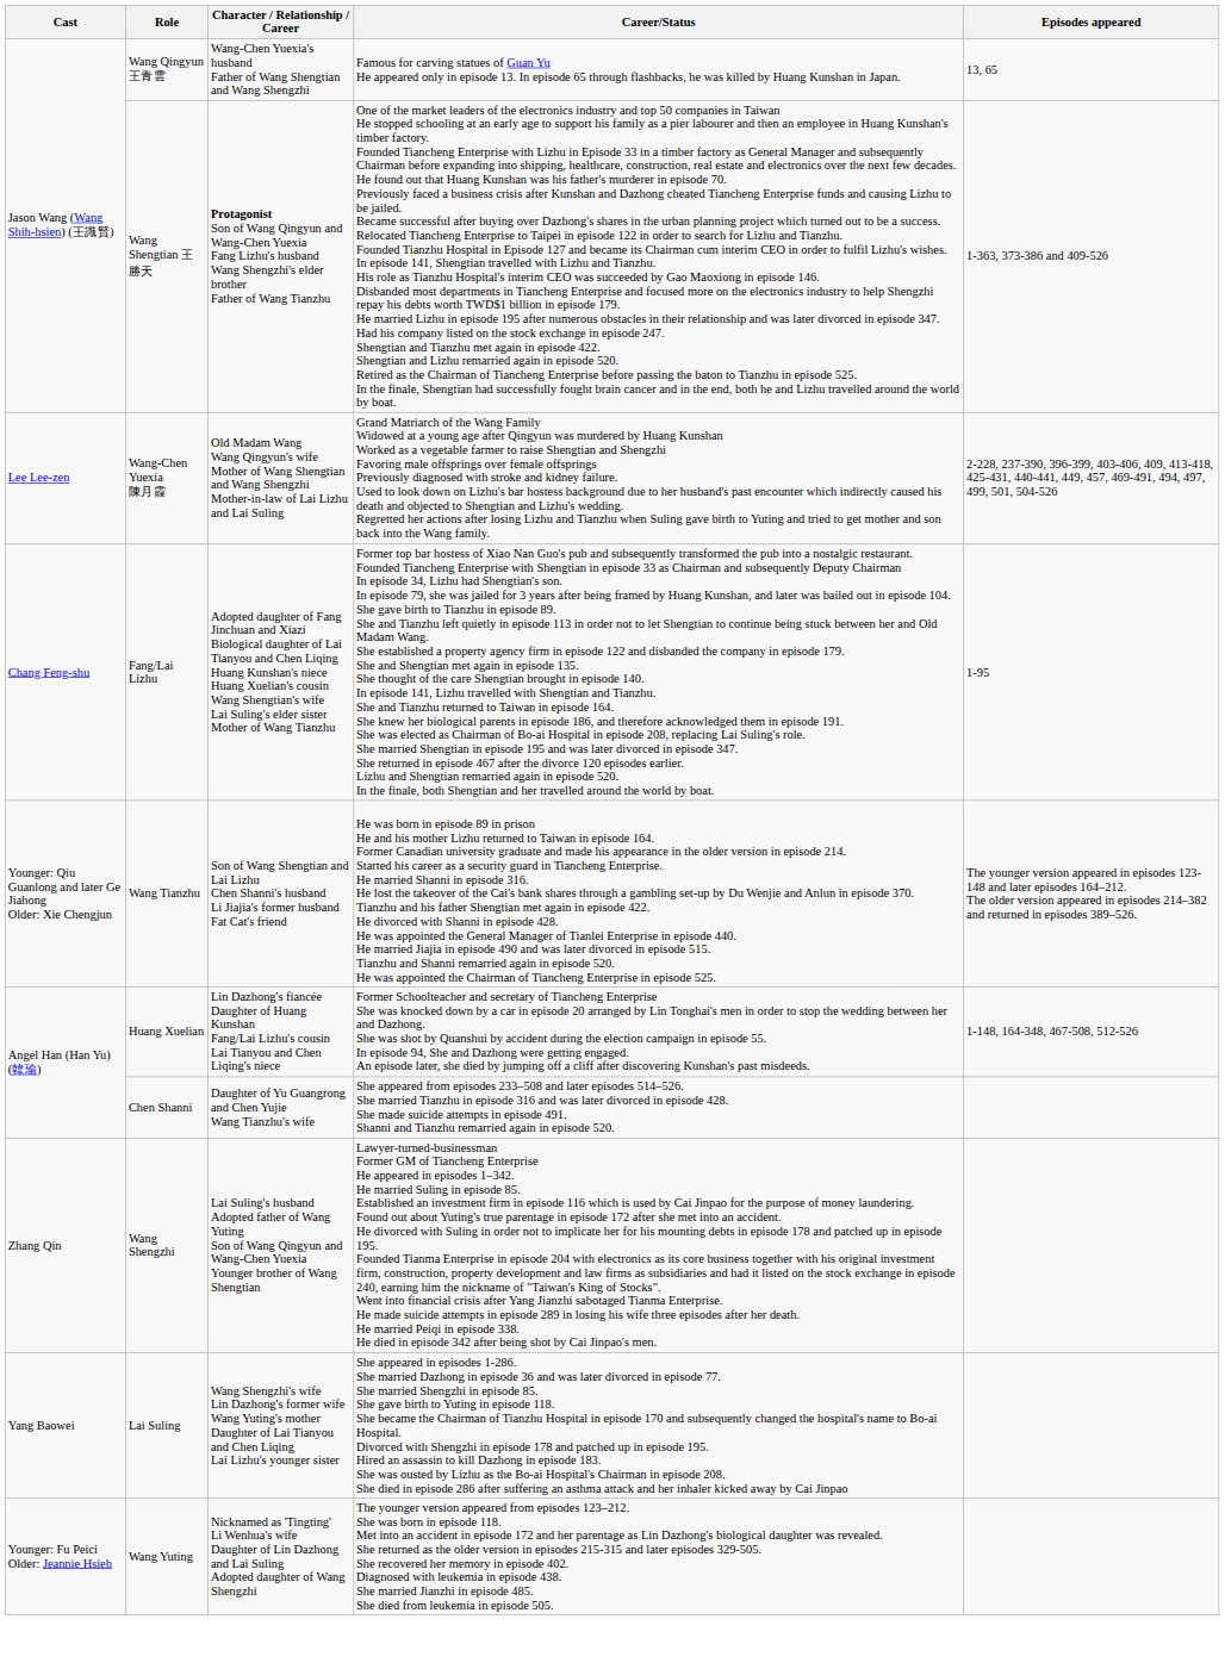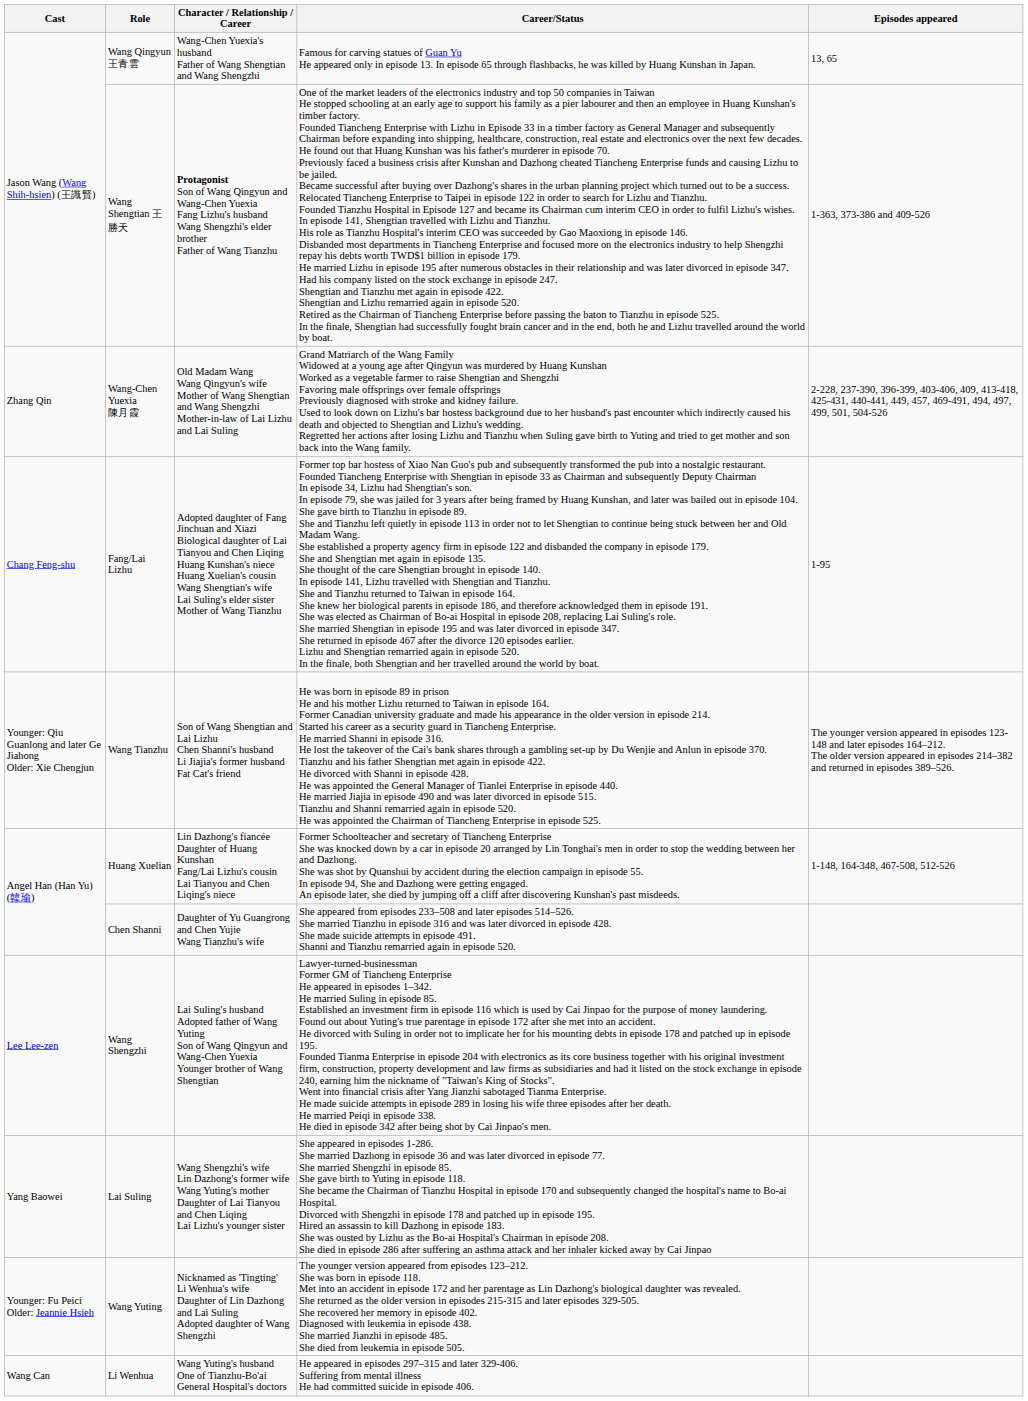 <table class="wikitable">
 <tr>
 <th>Cast</th>
 <th>Role</th>
 <th>Character / Relationship / Career</th>
 <th>Career/Status</th>
 <th>Episodes appeared</th>
 </tr>
 <tr>
 <td rowspan=2>Jason Wang (<a href='#'>Wang Shih-hsien</a>) (王識賢)</td>
 <td>Wang Qingyun 王青雲</td>
 <td>Wang-Chen Yuexia's husband <br>Father of Wang Shengtian and Wang Shengzhi</td>
 <td>Famous for carving statues of <a href='#'>Guan Yu</a><br>He appeared only in episode 13. In episode 65 through flashbacks, he was killed by Huang Kunshan in Japan.</td>
 <td>13, 65</td>
 </tr>
 <tr>
 <td>Wang Shengtian 王勝天</td>
 <td><strong>Protagonist</strong> <br> Son of Wang Qingyun and Wang-Chen Yuexia <br> Fang Lizhu's husband <br> Wang Shengzhi's elder brother <br> Father of Wang Tianzhu</td>
 <td>One of the market leaders of the electronics industry and top 50 companies in Taiwan<br>He stopped schooling at an early age to support his family as a pier labourer and then an employee in Huang Kunshan's timber factory.<br>Founded Tiancheng Enterprise with Lizhu in Episode 33 in a timber factory as General Manager and subsequently Chairman before expanding into shipping, healthcare, construction, real estate and electronics over the next few decades.<br>He found out that Huang Kunshan was his father's murderer in episode 70.<br>Previously faced a business crisis after Kunshan and Dazhong cheated Tiancheng Enterprise funds and causing Lizhu to be jailed.<br>Became successful after buying over Dazhong's shares in the urban planning project which turned out to be a success.<br>Relocated Tiancheng Enterprise to Taipei in episode 122 in order to search for Lizhu and Tianzhu.<br>Founded Tianzhu Hospital in Episode 127 and became its Chairman cum interim CEO in order to fulfil Lizhu's wishes.<br> In episode 141, Shengtian travelled with Lizhu and Tianzhu.<br>His role as Tianzhu Hospital's interim CEO was succeeded by Gao Maoxiong in episode 146.<br>Disbanded most departments in Tiancheng Enterprise and focused more on the electronics industry to help Shengzhi repay his debts worth TWD$1 billion in episode 179.<br>He married Lizhu in episode 195 after numerous obstacles in their relationship and was later divorced in episode 347.<br>Had his company listed on the stock exchange in episode 247.<br> Shengtian and Tianzhu met again in episode 422. <br> Shengtian and Lizhu remarried again in episode 520.<br>Retired as the Chairman of Tiancheng Enterprise before passing the baton to Tianzhu in episode 525.  <br> In the finale, Shengtian had successfully fought brain cancer and in the end, both he and Lizhu travelled around the world by boat.</td>
 <td>1-363, 373-386 and 409-526</td>
 </tr>
 <tr>
-<td><a href='#'>Lee Lee-zen</a></td>
+<td>Zhang Qin</td>
 <td>Wang-Chen Yuexia<br>陳月霞</td>
 <td>Old Madam Wang <br> Wang Qingyun's wife <br> Mother of Wang Shengtian and Wang Shengzhi <br> Mother-in-law of Lai Lizhu and Lai Suling</td>
 <td>Grand Matriarch of the Wang Family<br>Widowed at a young age after Qingyun was murdered by Huang Kunshan<br>Worked as a vegetable farmer to raise Shengtian and Shengzhi<br>Favoring male offsprings over female offsprings<br>Previously diagnosed with stroke and kidney failure.<br>Used to look down on Lizhu's bar hostess background due to her husband's past encounter which indirectly caused his death and objected to Shengtian and Lizhu's wedding.<br>Regretted her actions after losing Lizhu and Tianzhu when Suling gave birth to Yuting and tried to get mother and son back into the Wang family.</td>
 <td>2-228, 237-390, 396-399, 403-406, 409, 413-418, 425-431, 440-441, 449, 457, 469-491, 494, 497, 499, 501, 504-526<br></td>
 </tr>
 <tr>
 <td><a href='#'>Chang Feng-shu</a></td>
 <td>Fang/Lai Lizhu</td>
 <td>Adopted daughter of Fang Jinchuan and Xiazi <br> Biological daughter of Lai Tianyou and Chen Liqing<br>Huang Kunshan's niece<br>Huang Xuelian's cousin<br> Wang Shengtian's wife <br> Lai Suling's elder sister <br> Mother of Wang Tianzhu</td>
 <td>Former top bar hostess of Xiao Nan Guo's pub and subsequently transformed the pub into a nostalgic restaurant.<br>Founded Tiancheng Enterprise with Shengtian in episode 33 as Chairman and subsequently Deputy Chairman<br>In episode 34, Lizhu had Shengtian's son. <br>In episode 79, she was jailed for 3 years after being framed by Huang Kunshan, and later was bailed out in episode 104. <br>She gave birth to Tianzhu in episode 89.<br>She and Tianzhu left quietly in episode 113 in order not to let Shengtian to continue being stuck between her and Old Madam Wang.<br>She established a property agency firm in episode 122 and disbanded the company in episode 179.<br>She and Shengtian met again in episode 135.<br> She thought of the care Shengtian brought in episode 140. <br> In episode 141, Lizhu travelled with Shengtian and Tianzhu. <br> She and Tianzhu returned to Taiwan in episode 164. <br> She knew her biological parents in episode 186, and therefore acknowledged them in episode 191.<br>She was elected as Chairman of Bo-ai Hospital in episode 208, replacing Lai Suling's role.<br> She married Shengtian in episode 195 and was later divorced in episode 347. <br>She returned in episode 467 after the divorce 120 episodes earlier. <br> Lizhu and Shengtian remarried again in episode 520. <br> In the finale, both Shengtian and her travelled around the world by boat.</td>
 <td>1-95</td>
 </tr>
 <tr>
 <td>Younger: Qiu Guanlong and later Ge Jiahong <br> Older: Xie Chengjun</td>
 <td>Wang Tianzhu</td>
 <td>Son of Wang Shengtian and Lai Lizhu <br> Chen Shanni's husband <br> Li Jiajia's former husband <br> Fat Cat's friend</td>
 <td><br> He was born in episode 89 in prison<br> He and his mother Lizhu returned to Taiwan in episode 164.<br>Former Canadian university graduate and made his appearance in the older version in episode 214.<br>Started his career as a security guard in Tiancheng Enterprise.<br> He married Shanni in episode 316.<br>He lost the takeover of the Cai's bank shares through a gambling set-up by Du Wenjie and Anlun in episode 370.<br> Tianzhu and his father Shengtian met again in episode 422. <br> He divorced with Shanni in episode 428. <br> He was appointed the General Manager of Tianlei Enterprise in episode 440. <br> He married Jiajia in episode 490 and was later divorced in episode 515. <br> Tianzhu and Shanni remarried again in episode 520. <br> He was appointed the Chairman of Tiancheng Enterprise in episode 525.</td>
 <td>The younger version appeared in episodes 123-148 and later episodes 164–212. <br> The older version appeared in episodes 214–382 and returned in episodes 389–526.</td>
 </tr>
 <tr>
 <td rowspan=2>Angel Han (Han Yu) (<a href='#'>韓瑜</a>)</td>
 <td>Huang Xuelian</td>
 <td>Lin Dazhong's fiancée <br>Daughter of Huang Kunshan<br>Fang/Lai Lizhu's cousin<br>Lai Tianyou and Chen Liqing's niece <br></td>
 <td>Former Schoolteacher and secretary of Tiancheng Enterprise<br>She was knocked down by a car in episode 20 arranged by Lin Tonghai's men in order to stop the wedding between her and Dazhong.<br>She was shot by Quanshui by accident during the election campaign in episode 55.<br>In episode 94, She and Dazhong were getting engaged. <br>An episode later, she died by jumping off a cliff after discovering Kunshan's past misdeeds.</td>
 <td>1-148, 164-348, 467-508, 512-526</td>
 </tr>
 <tr>
 <td>Chen Shanni</td>
 <td>Daughter of Yu Guangrong and Chen Yujie <br> Wang Tianzhu's wife</td>
 <td>She appeared from episodes 233–508 and later episodes 514–526. <br> She married Tianzhu in episode 316 and was later divorced in episode 428. <br> She made suicide attempts in episode 491. <br> Shanni and Tianzhu remarried again in episode 520.</td>
 <td></td>
 </tr>
 <tr>
-<td>Zhang Qin</td>
+<td><a href='#'>Lee Lee-zen</a></td>
 <td>Wang Shengzhi</td>
 <td>Lai Suling's husband <br> Adopted father of Wang Yuting <br> Son of Wang Qingyun and Wang-Chen Yuexia <br> Younger brother of Wang Shengtian</td>
 <td>Lawyer-turned-businessman<br>Former GM of Tiancheng Enterprise<br>He appeared in episodes 1–342. <br>He married Suling in episode 85.<br>Established an investment firm in episode 116 which is used by Cai Jinpao for the purpose of money laundering.<br>Found out about Yuting's true parentage in episode 172 after she met into an accident.<br>He divorced with Suling in order not to implicate her for his mounting debts in episode 178 and patched up in episode 195.<br>Founded Tianma Enterprise in episode 204 with electronics as its core business together with his original investment firm, construction, property development and law firms as subsidiaries and had it listed on the stock exchange in episode 240, earning him the nickname of "Taiwan's King of Stocks".<br>Went into financial crisis after Yang Jianzhi sabotaged Tianma Enterprise.<br>He made suicide attempts in episode 289 in losing his wife three episodes after her death. <br>He married Peiqi in episode 338. <br>He died in episode 342 after being shot by Cai Jinpao's men.</td>
 <td></td>
 </tr>
 <tr>
 <td>Yang Baowei</td>
 <td>Lai Suling</td>
 <td>Wang Shengzhi's wife <br> Lin Dazhong's former wife <br> Wang Yuting's mother <br> Daughter of Lai Tianyou and Chen Liqing <br> Lai Lizhu's younger sister</td>
 <td>She appeared in episodes 1-286. <br> She married Dazhong in episode 36 and was later divorced in episode 77. <br> She married Shengzhi in episode 85. <br> She gave birth to Yuting in episode 118.<br>She became the Chairman of Tianzhu Hospital in episode 170 and subsequently changed the hospital's name to Bo-ai Hospital.<br>Divorced with Shengzhi in episode 178 and patched up in episode 195.<br>Hired an assassin to kill Dazhong in episode 183.<br>She was ousted by Lizhu as the Bo-ai Hospital's Chairman in episode 208.<br>She died in episode 286 after suffering an asthma attack and her inhaler kicked away by Cai Jinpao</td>
 <td></td>
 </tr>
 <tr>
 <td>Younger: Fu Peici <br> Older: <a href='#'>Jeannie Hsieh</a></td>
 <td>Wang Yuting</td>
 <td>Nicknamed as 'Tingting' <br> Li Wenhua's wife <br> Daughter of Lin Dazhong and Lai Suling <br> Adopted daughter of Wang Shengzhi</td>
 <td>The younger version appeared from episodes 123–212. <br>She was born in episode 118.<br>Met into an accident in episode 172 and her parentage as Lin Dazhong's biological daughter was revealed.<br>She returned as the older version in episodes 215-315 and later episodes 329-505. <br> She recovered her memory in episode 402.<br>Diagnosed with leukemia in episode 438.<br> She married Jianzhi in episode 485. <br> She died from leukemia in episode 505.</td>
 <td></td>
 </tr>
+<tr>
+<td>Wang Can</td>
+<td>Li Wenhua</td>
+<td>Wang Yuting's husband <br> One of Tianzhu-Bo'ai General Hospital's doctors</td>
+<td>He appeared in episodes 297–315 and later 329-406.<br>Suffering from mental illness<br> He had committed suicide in episode 406.</td>
+<td></td>
+</tr>
 </table>
